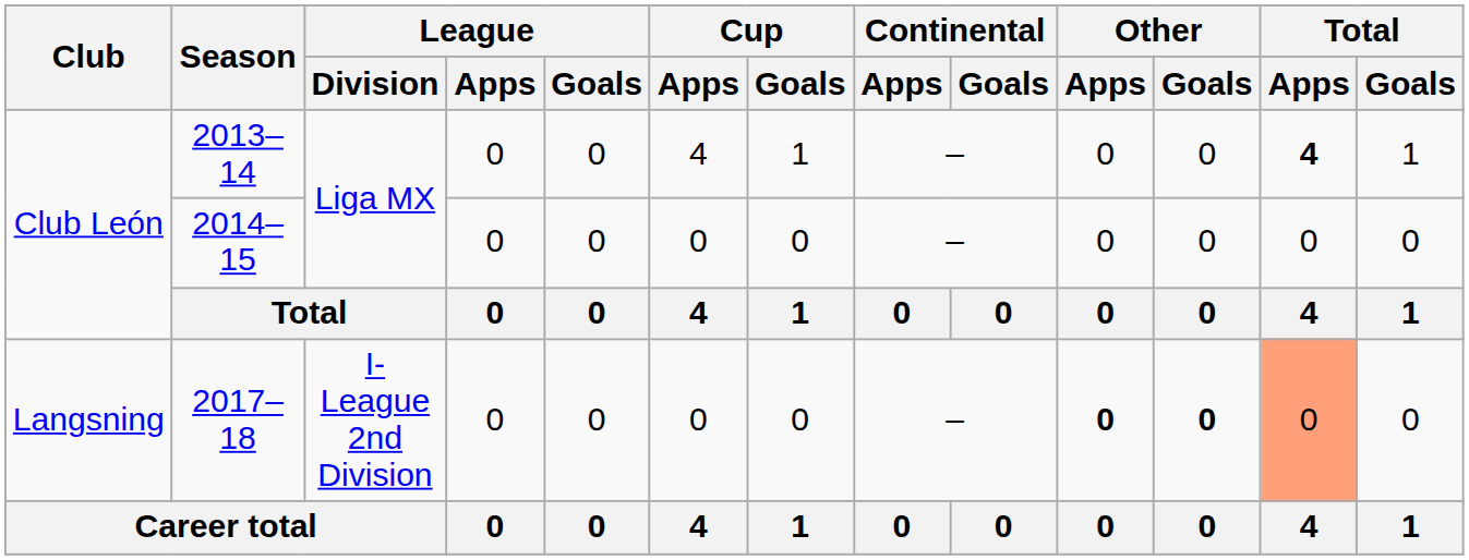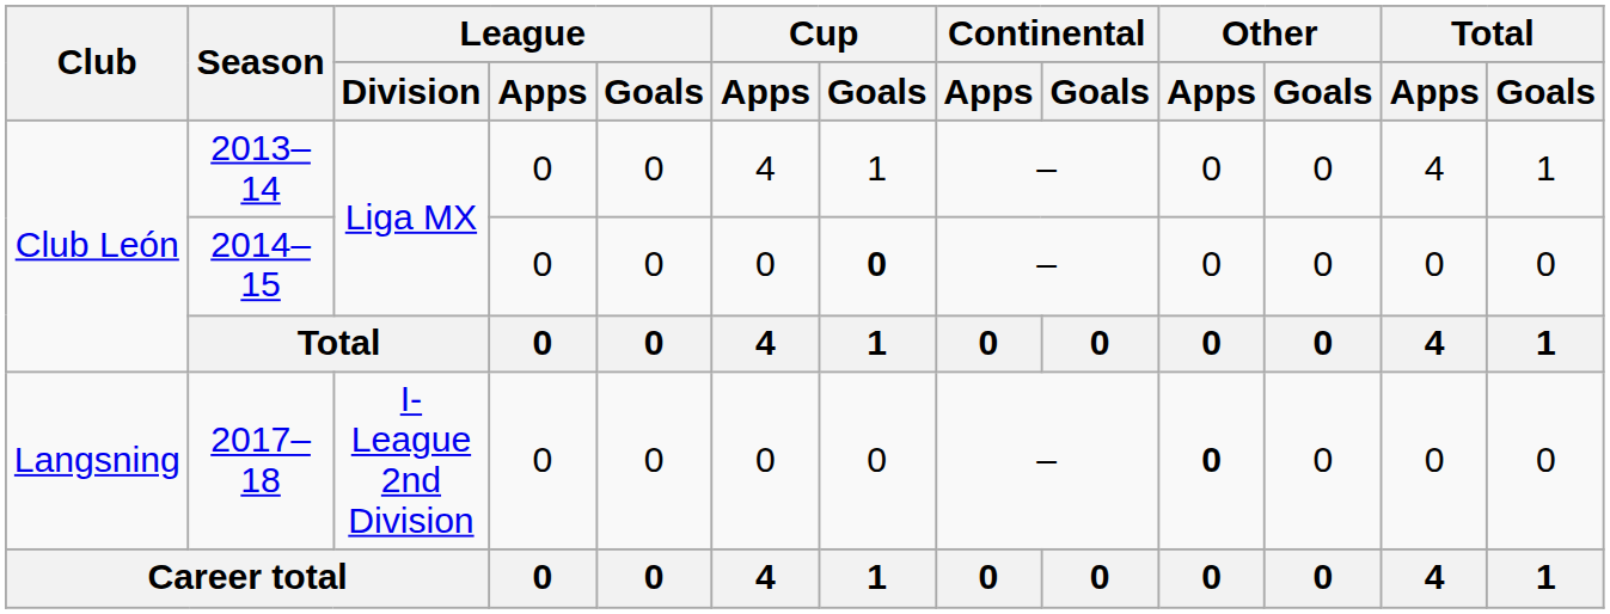 <table class="wikitable" style="text-align: center">
 <tr>
 <th rowspan="2">Club</th>
 <th rowspan="2">Season</th>
 <th colspan="3">League</th>
 <th colspan="2">Cup</th>
 <th colspan="2">Continental</th>
 <th colspan="2">Other</th>
 <th colspan="2">Total</th>
 </tr>
 <tr>
 <th>Division</th>
 <th>Apps</th>
 <th>Goals</th>
 <th>Apps</th>
 <th>Goals</th>
 <th>Apps</th>
 <th>Goals</th>
 <th>Apps</th>
 <th>Goals</th>
 <th>Apps</th>
 <th>Goals</th>
 </tr>
 <tr>
 <td rowspan="3"><a href='#'>Club León</a></td>
 <td><a href='#'>2013–14</a></td>
 <td rowspan="2"><a href='#'>Liga MX</a></td>
 <td>0</td>
 <td>0</td>
 <td>4</td>
 <td>1</td>
 <td colspan="2">–</td>
 <td>0</td>
 <td>0</td>
-<td><strong>4</strong></td>
+<td>4</td>
 <td>1</td>
 </tr>
 <tr>
 <td><a href='#'>2014–15</a></td>
 <td>0</td>
 <td>0</td>
 <td>0</td>
-<td>0</td>
+<td><strong>0</strong></td>
 <td colspan="2">–</td>
 <td>0</td>
 <td>0</td>
 <td>0</td>
 <td>0</td>
 </tr>
 <tr>
 <th colspan="2"><strong>Total</strong></th>
 <th>0</th>
 <th>0</th>
 <th>4</th>
 <th>1</th>
 <th>0</th>
 <th>0</th>
 <th>0</th>
 <th>0</th>
 <th>4</th>
 <th>1</th>
 </tr>
 <tr>
 <td><a href='#'>Langsning</a></td>
 <td><a href='#'>2017–18</a></td>
 <td><a href='#'>I-League 2nd Division</a></td>
 <td>0</td>
 <td>0</td>
 <td>0</td>
 <td>0</td>
 <td colspan="2">–</td>
 <td><strong>0</strong></td>
-<td><strong>0</strong></td>
-<td style="background: lightsalmon;">0</td>
+<td>0</td>
+<td>0</td>
 <td>0</td>
 </tr>
 <tr>
 <th colspan="3"><strong>Career total</strong></th>
 <th>0</th>
 <th>0</th>
 <th>4</th>
 <th>1</th>
 <th>0</th>
 <th>0</th>
 <th>0</th>
 <th>0</th>
 <th>4</th>
 <th>1</th>
 </tr>
 </table>
